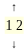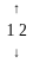 <table style="text-align:center;">
 <tr>
 <td><small> ↑  </small></td>
 </tr>
 <tr>
-<td style="background: lightyellow;"><span>1</span>     <span>2</span></td>
+<td><span>1</span>     <span>2</span></td>
 </tr>
 <tr>
 <td><small>   ↓ </small></td>
 </tr>
 </table>
